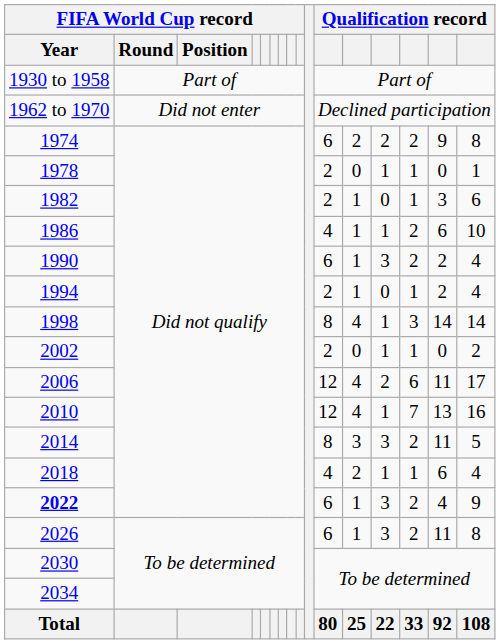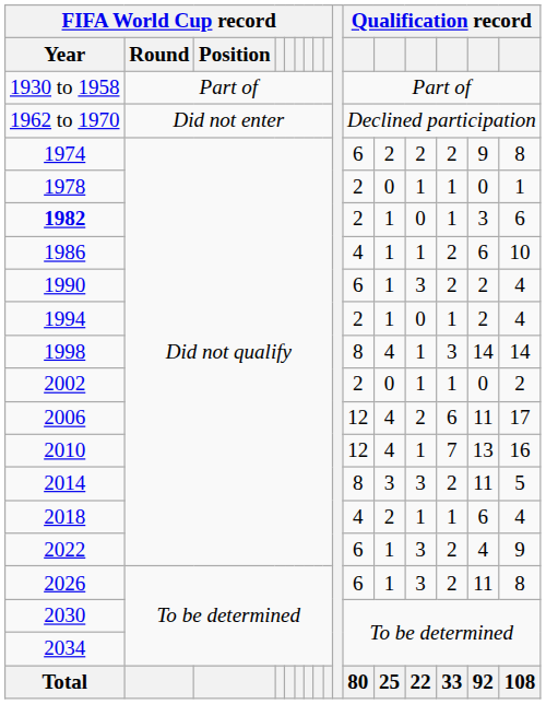 <table class="wikitable" style="text-align: center;">
 <tr>
 <th colspan=9><a href='#'>FIFA World Cup</a> record</th>
 <th rowspan=39></th>
 <th colspan=7><a href='#'>Qualification</a> record</th>
 </tr>
 <tr>
 <th>Year</th>
 <th>Round</th>
 <th>Position</th>
 <th></th>
 <th></th>
 <th></th>
 <th></th>
 <th></th>
 <th></th>
 <th></th>
 <th></th>
 <th></th>
 <th></th>
 <th></th>
 <th></th>
 </tr>
 <tr>
 <td><a href='#'>1930</a> to <a href='#'>1958</a></td>
 <td colspan=8><em>Part of </em></td>
 <td colspan=6><em>Part of </em></td>
 </tr>
 <tr>
 <td><a href='#'>1962</a> to <a href='#'>1970</a></td>
 <td colspan=8><em>Did not enter</em></td>
 <td colspan=6><em>Declined participation</em></td>
 </tr>
 <tr>
 <td> <a href='#'>1974</a></td>
 <td colspan=8 rowspan=13><em>Did not qualify</em></td>
 <td>6</td>
 <td>2</td>
 <td>2</td>
 <td>2</td>
 <td>9</td>
 <td>8</td>
 </tr>
 <tr>
 <td> <a href='#'>1978</a></td>
 <td>2</td>
 <td>0</td>
 <td>1</td>
 <td>1</td>
 <td>0</td>
 <td>1</td>
 </tr>
 <tr>
-<td> <a href='#'>1982</a></td>
+<td><strong> <a href='#'>1982</a></strong></td>
 <td>2</td>
 <td>1</td>
 <td>0</td>
 <td>1</td>
 <td>3</td>
 <td>6</td>
 </tr>
 <tr>
 <td> <a href='#'>1986</a></td>
 <td>4</td>
 <td>1</td>
 <td>1</td>
 <td>2</td>
 <td>6</td>
 <td>10</td>
 </tr>
 <tr>
 <td> <a href='#'>1990</a></td>
 <td>6</td>
 <td>1</td>
 <td>3</td>
 <td>2</td>
 <td>2</td>
 <td>4</td>
 </tr>
 <tr>
 <td> <a href='#'>1994</a></td>
 <td>2</td>
 <td>1</td>
 <td>0</td>
 <td>1</td>
 <td>2</td>
 <td>4</td>
 </tr>
 <tr>
 <td> <a href='#'>1998</a></td>
 <td>8</td>
 <td>4</td>
 <td>1</td>
 <td>3</td>
 <td>14</td>
 <td>14</td>
 </tr>
 <tr>
 <td>  <a href='#'>2002</a></td>
 <td>2</td>
 <td>0</td>
 <td>1</td>
 <td>1</td>
 <td>0</td>
 <td>2</td>
 </tr>
 <tr>
 <td> <a href='#'>2006</a></td>
 <td>12</td>
 <td>4</td>
 <td>2</td>
 <td>6</td>
 <td>11</td>
 <td>17</td>
 </tr>
 <tr>
 <td> <a href='#'>2010</a></td>
 <td>12</td>
 <td>4</td>
 <td>1</td>
 <td>7</td>
 <td>13</td>
 <td>16</td>
 </tr>
 <tr>
 <td> <a href='#'>2014</a></td>
 <td>8</td>
 <td>3</td>
 <td>3</td>
 <td>2</td>
 <td>11</td>
 <td>5</td>
 </tr>
 <tr>
 <td> <a href='#'>2018</a></td>
 <td>4</td>
 <td>2</td>
 <td>1</td>
 <td>1</td>
 <td>6</td>
 <td>4</td>
 </tr>
 <tr>
-<td><strong> <a href='#'>2022</a></strong></td>
+<td> <a href='#'>2022</a></td>
 <td>6</td>
 <td>1</td>
 <td>3</td>
 <td>2</td>
 <td>4</td>
 <td>9</td>
 </tr>
 <tr>
 <td>   <a href='#'>2026</a></td>
 <td colspan="8" rowspan="3"><em>To be determined</em></td>
 <td>6</td>
 <td>1</td>
 <td>3</td>
 <td>2</td>
 <td>11</td>
 <td>8</td>
 </tr>
 <tr>
 <td>   <a href='#'>2030</a></td>
 <td colspan="6" rowspan="2"><em>To be determined</em></td>
 </tr>
 <tr>
 <td> <a href='#'>2034</a></td>
 </tr>
 <tr>
 <th>Total</th>
 <th></th>
 <th></th>
 <th></th>
 <th></th>
 <th></th>
 <th></th>
 <th></th>
 <th></th>
 <th>80</th>
 <th>25</th>
 <th>22</th>
 <th>33</th>
 <th>92</th>
 <th>108</th>
 </tr>
 </table>
